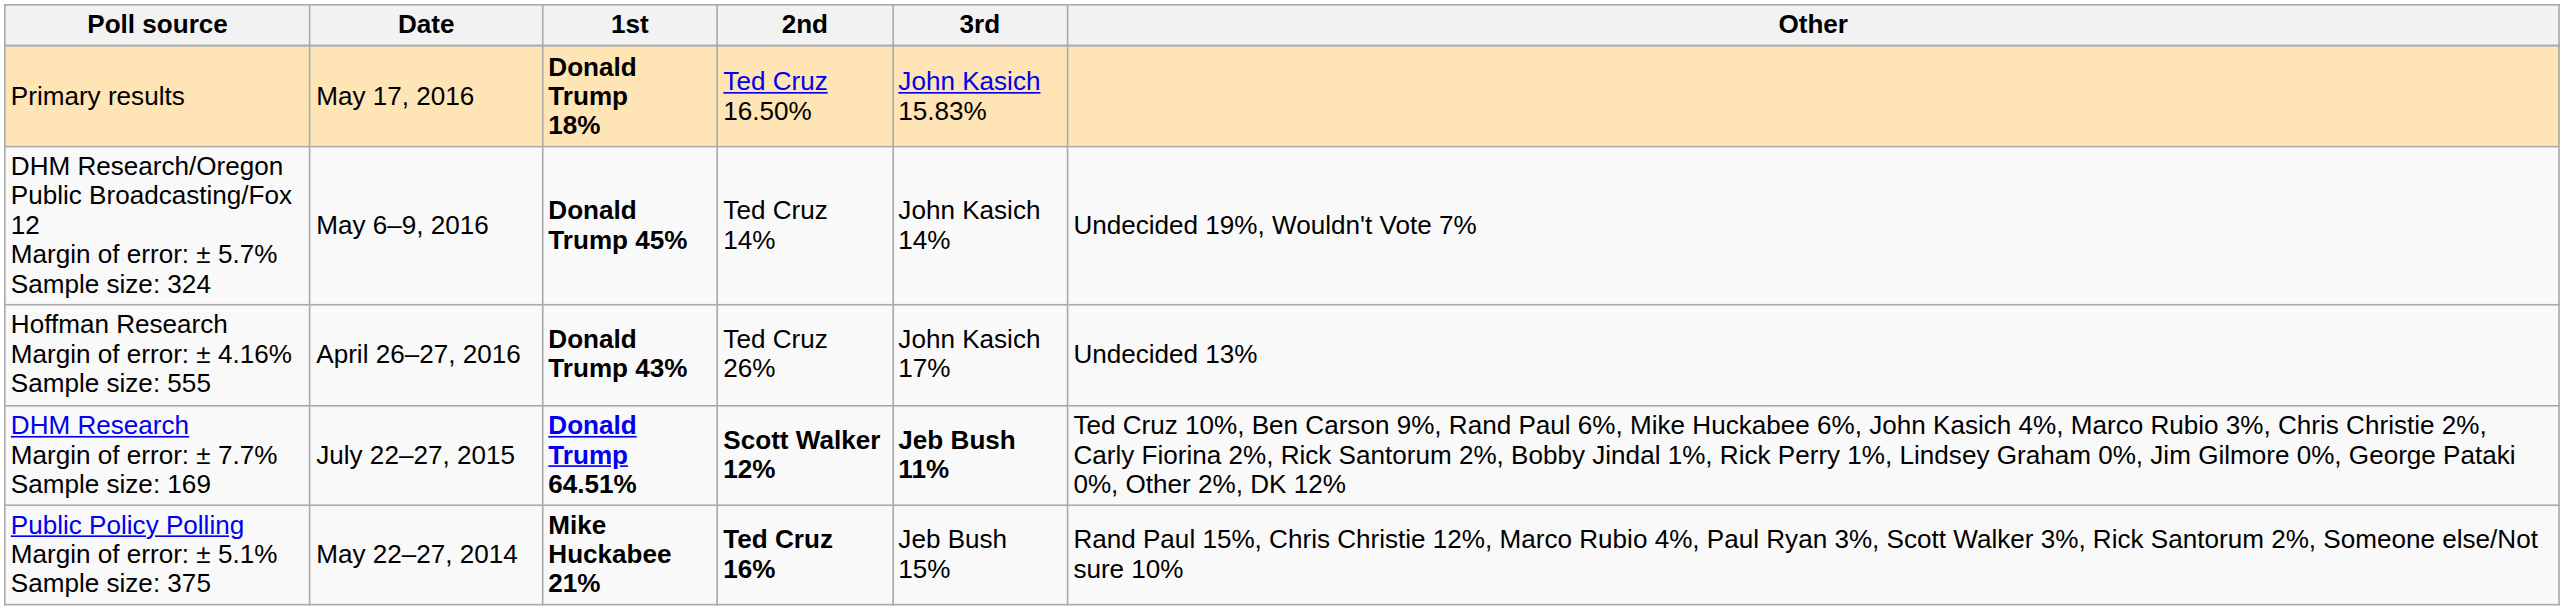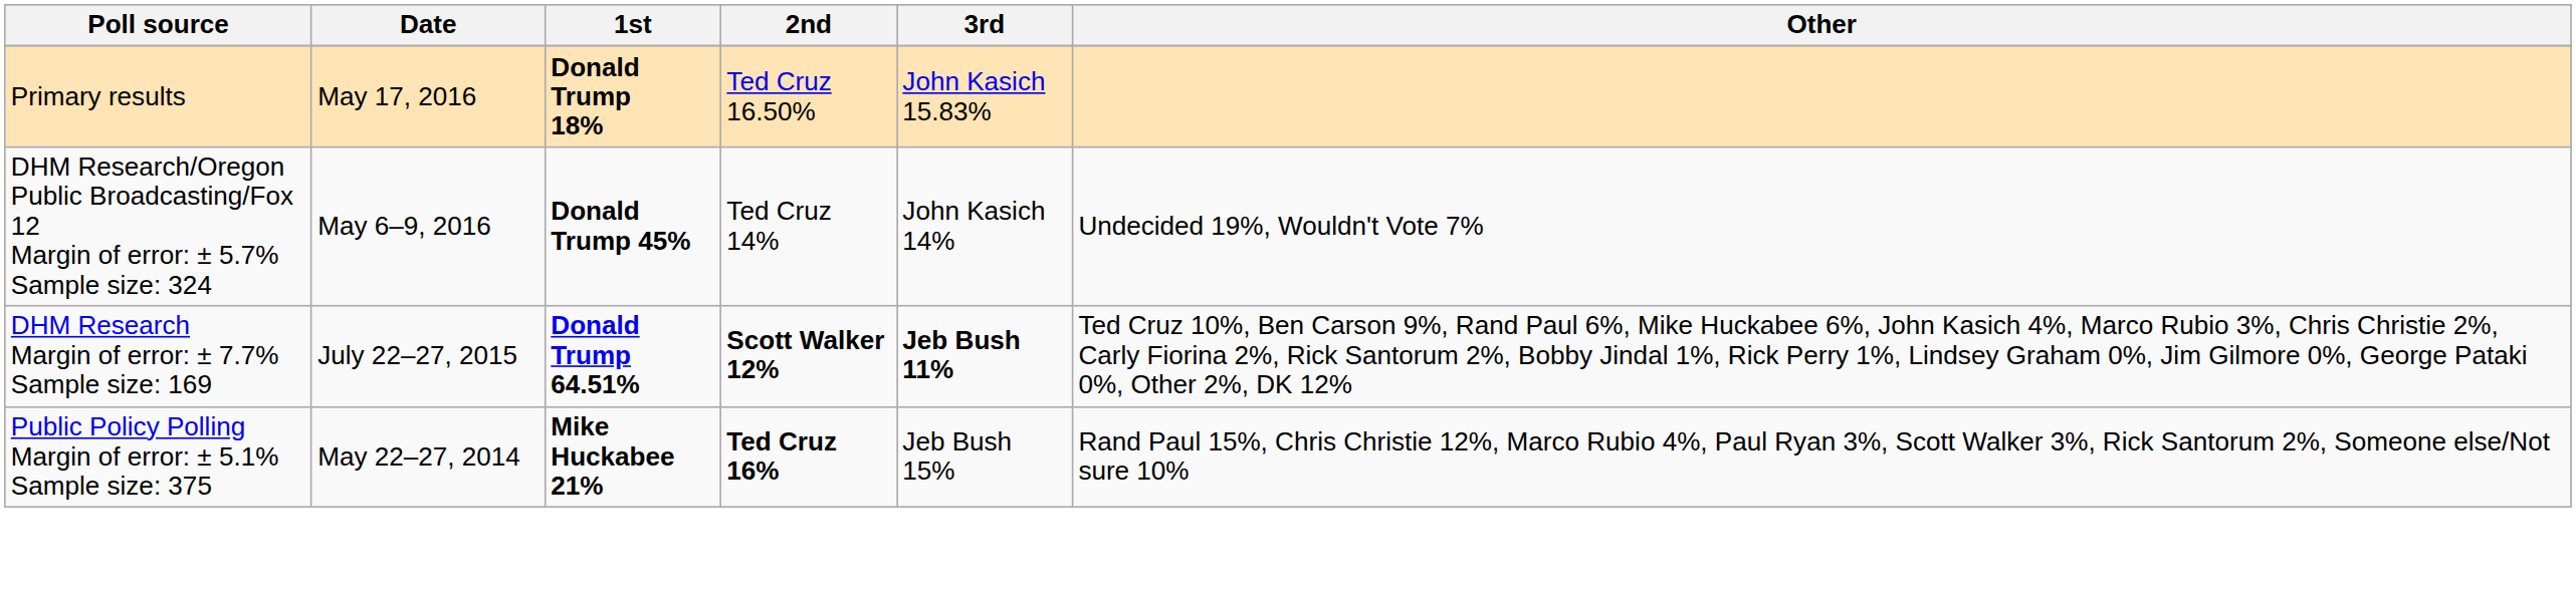 <table class="wikitable">
 <tr>
 <th style="width:180px;">Poll source</th>
 <th style="width:135px;">Date</th>
 <th style="width:100px;">1st</th>
 <th style="width:100px;">2nd</th>
 <th style="width:100px;">3rd</th>
 <th>Other</th>
 </tr>
 <tr>
 </tr>
 <tr style="background:Moccasin;">
 <td>Primary results</td>
 <td>May 17, 2016</td>
 <td><strong>Donald Trump<br>18%</strong></td>
 <td><a href='#'>Ted Cruz</a><br>16.50%</td>
 <td><a href='#'>John Kasich</a><br>15.83%</td>
 <td></td>
 </tr>
 <tr>
 <td>DHM Research/Oregon Public Broadcasting/Fox 12<br>Margin of error: ± 5.7% <br>Sample size: 324</td>
 <td>May 6–9, 2016</td>
 <td><strong>Donald Trump 45%</strong></td>
 <td>Ted Cruz<br>14%</td>
 <td>John Kasich<br>14%</td>
 <td>Undecided 19%, Wouldn't Vote 7%</td>
 </tr>
 <tr>
-<td>Hoffman Research<br>Margin of error: ± 4.16% <br>Sample size: 555</td>
-<td>April 26–27, 2016</td>
-<td><strong>Donald Trump 43%</strong></td>
-<td>Ted Cruz<br>26%</td>
-<td>John Kasich<br>17%</td>
-<td>Undecided 13%</td>
-</tr>
-<tr>
 <td><a href='#'>DHM Research</a><br>Margin of error: ± 7.7% <br>Sample size: 169</td>
 <td>July 22–27, 2015</td>
 <td><strong><a href='#'>Donald Trump</a><br>64.51%</strong></td>
 <td><strong>Scott Walker 12%</strong></td>
 <td><strong>Jeb Bush 11%</strong></td>
 <td>Ted Cruz 10%, Ben Carson 9%, Rand Paul 6%, Mike Huckabee 6%, John Kasich 4%, Marco Rubio 3%,  Chris Christie 2%, Carly Fiorina 2%, Rick Santorum 2%, Bobby Jindal 1%, Rick Perry 1%, Lindsey Graham 0%, Jim Gilmore 0%, George Pataki 0%, Other 2%, DK 12%</td>
 </tr>
 <tr>
 <td><a href='#'>Public Policy Polling</a><br>Margin of error: ± 5.1% <br>Sample size: 375</td>
 <td>May 22–27, 2014</td>
 <td><strong>Mike Huckabee<br>21%</strong></td>
 <td><strong>Ted Cruz<br>16%</strong></td>
 <td>Jeb Bush<br>15%</td>
 <td>Rand Paul 15%, Chris Christie 12%, Marco Rubio 4%, Paul Ryan 3%, Scott Walker 3%, Rick Santorum 2%, Someone else/Not sure 10%</td>
 </tr>
 </table>
